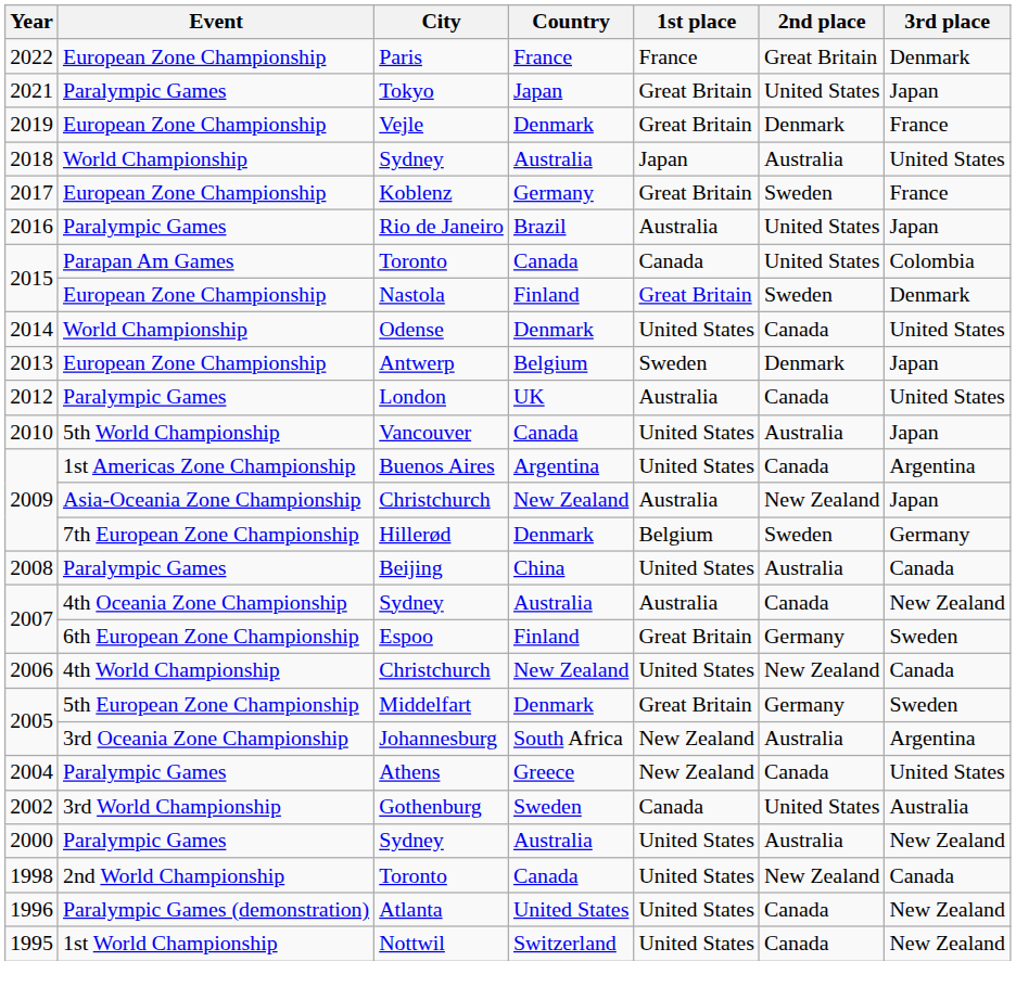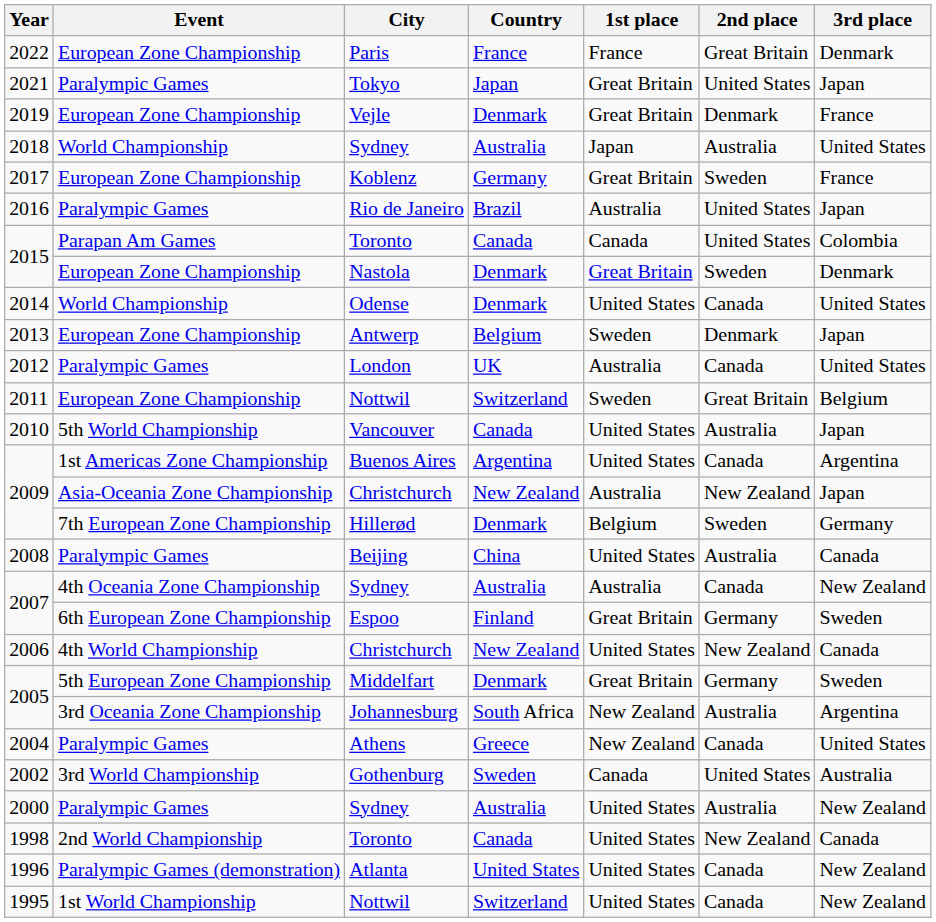 <table class="wikitable">
 <tr>
 <th>Year</th>
 <th>Event</th>
 <th>City</th>
 <th>Country</th>
 <th>1st place</th>
 <th>2nd place</th>
 <th>3rd place</th>
 </tr>
 <tr>
 <td>2022</td>
 <td><a href='#'>European Zone Championship</a></td>
 <td><a href='#'>Paris</a></td>
 <td><a href='#'>France</a></td>
 <td>France</td>
 <td>Great Britain</td>
 <td>Denmark</td>
 </tr>
 <tr>
 <td>2021</td>
 <td><a href='#'>Paralympic Games</a></td>
 <td><a href='#'>Tokyo</a></td>
 <td><a href='#'>Japan</a></td>
 <td>Great Britain</td>
 <td>United States</td>
 <td>Japan</td>
 </tr>
 <tr>
 <td>2019</td>
 <td><a href='#'>European Zone Championship</a></td>
 <td><a href='#'>Vejle</a></td>
 <td><a href='#'>Denmark</a></td>
 <td>Great Britain</td>
 <td>Denmark</td>
 <td>France</td>
 </tr>
 <tr>
 <td>2018</td>
 <td><a href='#'>World Championship</a></td>
 <td><a href='#'>Sydney</a></td>
 <td><a href='#'>Australia</a></td>
 <td>Japan</td>
 <td>Australia</td>
 <td>United States</td>
 </tr>
 <tr>
 <td>2017</td>
 <td><a href='#'>European Zone Championship</a></td>
 <td><a href='#'>Koblenz</a></td>
 <td><a href='#'>Germany</a></td>
 <td>Great Britain</td>
 <td>Sweden</td>
 <td>France</td>
 </tr>
 <tr>
 <td>2016</td>
 <td><a href='#'>Paralympic Games</a><br> </td>
 <td><a href='#'>Rio de Janeiro</a></td>
 <td><a href='#'>Brazil</a></td>
 <td>Australia</td>
 <td>United States</td>
 <td>Japan</td>
 </tr>
 <tr>
 <td rowspan="2">2015<br></td>
 <td><a href='#'>Parapan Am Games</a></td>
 <td><a href='#'>Toronto</a></td>
 <td><a href='#'>Canada</a></td>
 <td>Canada</td>
 <td>United States</td>
 <td>Colombia</td>
 </tr>
 <tr>
 <td><a href='#'>European Zone Championship</a></td>
 <td><a href='#'>Nastola</a></td>
-<td><a href='#'>Finland</a></td>
+<td><a href='#'>Denmark</a></td>
 <td><a href='#'>Great Britain</a></td>
 <td>Sweden</td>
 <td>Denmark</td>
 </tr>
 <tr>
 <td>2014</td>
 <td><a href='#'>World Championship</a></td>
 <td><a href='#'>Odense</a></td>
 <td><a href='#'>Denmark</a></td>
 <td>United States</td>
 <td>Canada</td>
 <td>United States</td>
 </tr>
 <tr>
 <td>2013</td>
 <td><a href='#'>European Zone Championship</a></td>
 <td><a href='#'>Antwerp</a></td>
 <td><a href='#'>Belgium</a></td>
 <td>Sweden</td>
 <td>Denmark</td>
 <td>Japan</td>
 </tr>
 <tr>
 <td>2012</td>
 <td><a href='#'>Paralympic Games</a></td>
 <td><a href='#'>London</a></td>
 <td><a href='#'>UK</a></td>
 <td>Australia</td>
 <td>Canada</td>
 <td>United States</td>
+</tr>
+<tr>
+<td>2011</td>
+<td><a href='#'>European Zone Championship</a></td>
+<td><a href='#'>Nottwil</a></td>
+<td><a href='#'>Switzerland</a></td>
+<td>Sweden</td>
+<td>Great Britain</td>
+<td>Belgium</td>
 </tr>
 <tr>
 <td>2010</td>
 <td>5th <a href='#'>World Championship</a></td>
 <td><a href='#'>Vancouver</a></td>
 <td><a href='#'>Canada</a></td>
 <td>United States</td>
 <td>Australia</td>
 <td>Japan</td>
 </tr>
 <tr>
 <td rowspan="3">2009</td>
 <td>1st <a href='#'>Americas Zone Championship</a></td>
 <td><a href='#'>Buenos Aires</a></td>
 <td><a href='#'>Argentina</a></td>
 <td>United States</td>
 <td>Canada</td>
 <td>Argentina</td>
 </tr>
 <tr>
 <td><a href='#'>Asia-Oceania Zone Championship</a></td>
 <td><a href='#'>Christchurch</a></td>
 <td><a href='#'>New Zealand</a></td>
 <td>Australia</td>
 <td>New Zealand</td>
 <td>Japan</td>
 </tr>
 <tr>
 <td>7th <a href='#'>European Zone Championship</a></td>
 <td><a href='#'>Hillerød</a></td>
 <td><a href='#'>Denmark</a></td>
 <td>Belgium</td>
 <td>Sweden</td>
 <td>Germany</td>
 </tr>
 <tr>
 <td>2008</td>
 <td><a href='#'>Paralympic Games</a></td>
 <td><a href='#'>Beijing</a></td>
 <td><a href='#'>China</a></td>
 <td>United States</td>
 <td>Australia</td>
 <td>Canada</td>
 </tr>
 <tr>
 <td rowspan="2">2007</td>
 <td>4th <a href='#'>Oceania Zone Championship</a></td>
 <td><a href='#'>Sydney</a></td>
 <td><a href='#'>Australia</a></td>
 <td>Australia</td>
 <td>Canada</td>
 <td>New Zealand</td>
 </tr>
 <tr>
 <td>6th <a href='#'>European Zone Championship</a></td>
 <td><a href='#'>Espoo</a></td>
 <td><a href='#'>Finland</a></td>
 <td>Great Britain</td>
 <td>Germany</td>
 <td>Sweden</td>
 </tr>
 <tr>
 <td>2006</td>
 <td>4th <a href='#'>World Championship</a></td>
 <td><a href='#'>Christchurch</a></td>
 <td><a href='#'>New Zealand</a></td>
 <td>United States</td>
 <td>New Zealand</td>
 <td>Canada</td>
 </tr>
 <tr>
 <td rowspan="2">2005</td>
 <td>5th <a href='#'>European Zone Championship</a></td>
 <td><a href='#'>Middelfart</a></td>
 <td><a href='#'>Denmark</a></td>
 <td>Great Britain</td>
 <td>Germany</td>
 <td>Sweden</td>
 </tr>
 <tr>
 <td>3rd <a href='#'>Oceania Zone Championship</a></td>
 <td><a href='#'>Johannesburg</a></td>
 <td><a href='#'>South</a> Africa</td>
 <td>New Zealand</td>
 <td>Australia</td>
 <td>Argentina</td>
 </tr>
 <tr>
 <td>2004</td>
 <td><a href='#'>Paralympic Games</a></td>
 <td><a href='#'>Athens</a></td>
 <td><a href='#'>Greece</a></td>
 <td>New Zealand</td>
 <td>Canada</td>
 <td>United States</td>
 </tr>
 <tr>
 <td>2002</td>
 <td>3rd <a href='#'>World Championship</a></td>
 <td><a href='#'>Gothenburg</a></td>
 <td><a href='#'>Sweden</a></td>
 <td>Canada</td>
 <td>United States</td>
 <td>Australia</td>
 </tr>
 <tr>
 <td>2000</td>
 <td><a href='#'>Paralympic Games</a></td>
 <td><a href='#'>Sydney</a></td>
 <td><a href='#'>Australia</a></td>
 <td>United States</td>
 <td>Australia</td>
 <td>New Zealand</td>
 </tr>
 <tr>
 <td>1998</td>
 <td>2nd <a href='#'>World Championship</a></td>
 <td><a href='#'>Toronto</a></td>
 <td><a href='#'>Canada</a></td>
 <td>United States</td>
 <td>New Zealand</td>
 <td>Canada</td>
 </tr>
 <tr>
 <td>1996</td>
 <td><a href='#'>Paralympic Games (demonstration)</a></td>
 <td><a href='#'>Atlanta</a></td>
 <td><a href='#'>United States</a></td>
 <td>United States</td>
 <td>Canada</td>
 <td>New Zealand</td>
 </tr>
 <tr>
 <td>1995</td>
 <td>1st <a href='#'>World Championship</a></td>
 <td><a href='#'>Nottwil</a></td>
 <td><a href='#'>Switzerland</a></td>
 <td>United States</td>
 <td>Canada</td>
 <td>New Zealand</td>
 </tr>
 </table>
